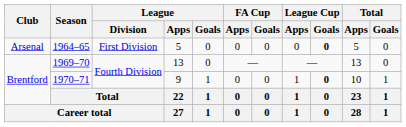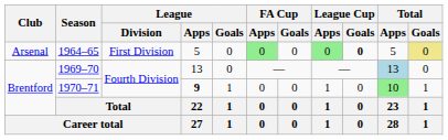 <table class="wikitable" style="text-align: center;">
 <tr>
 <th rowspan="2">Club</th>
 <th rowspan="2">Season</th>
 <th colspan="3">League</th>
 <th colspan="2">FA Cup</th>
 <th colspan="2">League Cup</th>
 <th colspan="2">Total</th>
 </tr>
 <tr>
 <th>Division</th>
 <th>Apps</th>
 <th>Goals</th>
 <th>Apps</th>
 <th>Goals</th>
 <th>Apps</th>
 <th>Goals</th>
 <th>Apps</th>
 <th>Goals</th>
 </tr>
 <tr>
 <td><a href='#'>Arsenal</a></td>
 <td><a href='#'>1964–65</a></td>
 <td><a href='#'>First Division</a></td>
 <td>5</td>
 <td>0</td>
+<td style="background: lightgreen;">0</td>
 <td>0</td>
-<td>0</td>
-<td>0</td>
+<td style="background: lightgreen;">0</td>
 <td><strong>0</strong></td>
 <td>5</td>
-<td>0</td>
+<td style="background: khaki;">0</td>
 </tr>
 <tr>
 <td rowspan="3"><a href='#'>Brentford</a></td>
 <td><a href='#'>1969–70</a></td>
 <td rowspan="2"><a href='#'>Fourth Division</a></td>
 <td>13</td>
 <td>0</td>
 <td colspan="2">—</td>
 <td colspan="2">—</td>
-<td>13</td>
+<td style="background: lightblue;">13</td>
 <td>0</td>
 </tr>
 <tr>
 <td><a href='#'>1970–71</a></td>
-<td>9</td>
+<td><strong>9</strong></td>
 <td>1</td>
 <td>0</td>
 <td>0</td>
 <td>1</td>
-<td><strong>0</strong></td>
-<td>10</td>
+<td>0</td>
+<td style="background: lightgreen;">10</td>
 <td>1</td>
 </tr>
 <tr>
 <th colspan="2">Total</th>
 <th>22</th>
 <th>1</th>
 <th>0</th>
 <th>0</th>
 <th>1</th>
 <th>0</th>
 <th>23</th>
 <th>1</th>
 </tr>
 <tr>
 <th colspan="3">Career total</th>
 <th>27</th>
 <th>1</th>
 <th>0</th>
 <th>0</th>
 <th>1</th>
 <th>0</th>
 <th>28</th>
 <th>1</th>
 </tr>
 </table>
